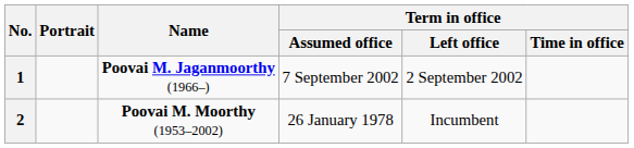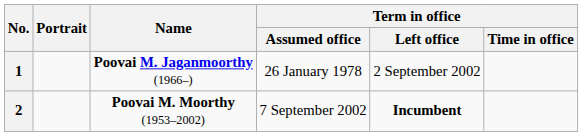 <table class="wikitable sortable" style="text-align:center;">
 <tr>
 <th rowspan=2 style="background:">No.</th>
 <th rowspan=2 style="background:">Portrait</th>
 <th rowspan=2 style="background:">Name<br></th>
 <th colspan=3 style="background:">Term in office</th>
 </tr>
 <tr>
 <th style="background:">Assumed office</th>
 <th style="background:">Left office</th>
 <th style="background:">Time in office</th>
 </tr>
 <tr>
 <th>1</th>
 <td></td>
 <td><strong>Poovai <a href='#'>M. Jaganmoorthy</a></strong><br><small>(1966–)</small></td>
-<td>7 September 2002</td>
+<td>26 January 1978</td>
 <td>2 September 2002</td>
 <td></td>
 </tr>
 <tr>
 <th>2</th>
 <td></td>
 <td><strong>Poovai M. Moorthy</strong><br><small>(1953–2002)</small></td>
-<td>26 January 1978</td>
-<td>Incumbent</td>
+<td>7 September 2002</td>
+<td><strong>Incumbent</strong></td>
 <td></td>
 </tr>
 </table>
